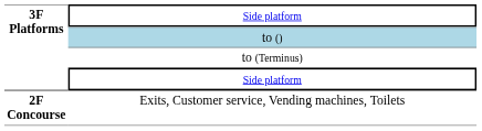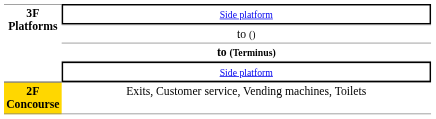 <table table border=0 cellspacing=0 cellpadding=3>
 <tr>
 <td style="border-bottom:solid 1px gray; border-top:solid 1px gray;text-align:center" rowspan="4" valign=top><strong>3F<br>Platforms</strong></td>
 <td style="border-right:solid 2px black;border-left:solid 2px black;border-top:solid 2px black;border-bottom:solid 2px black;text-align:center;" colspan=2><small><a href='#'>Side platform</a></small></td>
 </tr>
 <tr>
-<td style="background: lightblue; border-bottom:solid 1px gray; border-top:solid 1px gray;text-align:center;">  to  <small>()</small></td>
+<td style="border-bottom:solid 1px gray; border-top:solid 1px gray;text-align:center;">  to  <small>()</small></td>
 </tr>
 <tr>
-<td style="border-bottom:solid 1px gray;text-align:center;"> to  <small>(Terminus)</small> </td>
+<td style="border-bottom:solid 1px gray;text-align:center;"><strong> to  <small>(Terminus)</small> </strong></td>
 </tr>
 <tr>
 <td style="border-right:solid 2px black;border-left:solid 2px black;border-top:solid 2px black;border-bottom:solid 2px black;text-align:center;" colspan=2><small><a href='#'>Side platform</a></small></td>
 </tr>
 <tr>
-<td style="border-bottom:solid 1px gray; border-top:solid 1px gray;text-align:center" valign=top><strong>2F<br>Concourse</strong></td>
+<td style="background: gold; border-bottom:solid 1px gray; border-top:solid 1px gray;text-align:center" valign=top><strong>2F<br>Concourse</strong></td>
 <td style="border-bottom:solid 1px gray; border-top:solid 1px gray;text-align:center;" valign=top width=500>Exits, Customer service, Vending machines, Toilets</td>
 </tr>
 </table>
